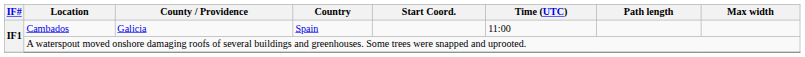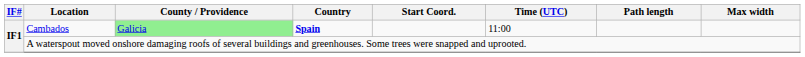 <table class="wikitable sortable" style="width:100%;">
 <tr>
 <th scope="col" width="2%" align="center"><a href='#'>IF#</a></th>
 <th scope="col" align="center" class="unsortable">Location</th>
 <th scope="col" align="center" class="unsortable">County / Providence</th>
 <th scope="col" align="center">Country</th>
 <th scope="col" align="center">Start Coord.</th>
 <th scope="col" align="center">Time (<a href='#'>UTC</a>)</th>
 <th scope="col" align="center">Path length</th>
 <th scope="col" align="center">Max width</th>
 </tr>
 <tr>
 <th scope="row" rowspan="2" style="background-color:#">IF1</th>
 <td><a href='#'>Cambados</a></td>
-<td><a href='#'>Galicia</a></td>
-<td><a href='#'>Spain</a></td>
+<td style="background: lightgreen;"><a href='#'>Galicia</a></td>
+<td><strong><a href='#'>Spain</a></strong></td>
 <td></td>
 <td>11:00</td>
 <td></td>
 <td></td>
 </tr>
 <tr class="expand-child">
 <td colspan="8" style=" border-bottom: 1px solid black;">A waterspout moved onshore damaging roofs of several buildings and greenhouses. Some trees were snapped and uprooted.</td>
 </tr>
 <tr>
 </tr>
 </table>
